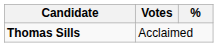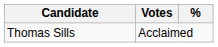 <table class="wikitable">
 <tr>
 <th style="width: 170px">Candidate</th>
 <th style="width: 50px">Votes</th>
 <th style="width: 40px">%</th>
 </tr>
 <tr>
-<td><strong>Thomas Sills</strong></td>
+<td>Thomas Sills</td>
 <td colspan="2">Acclaimed</td>
 </tr>
 </table>
